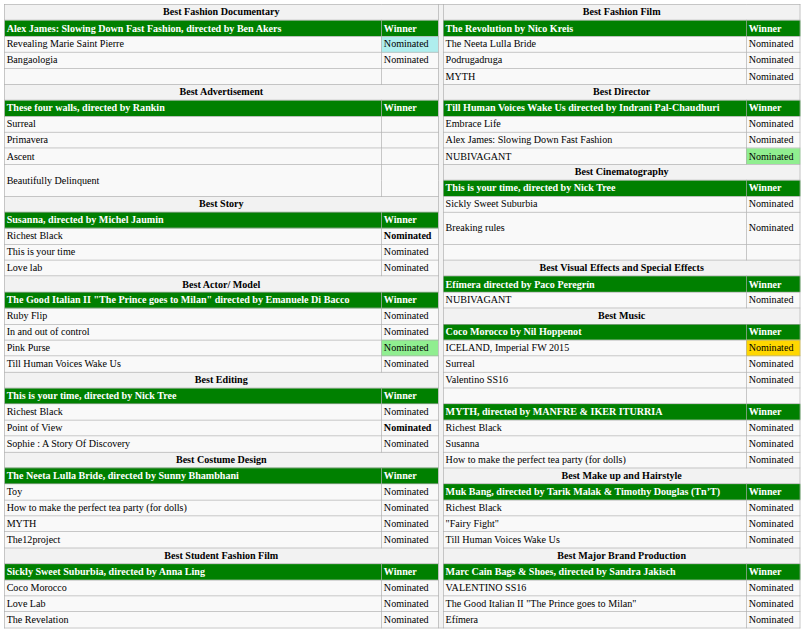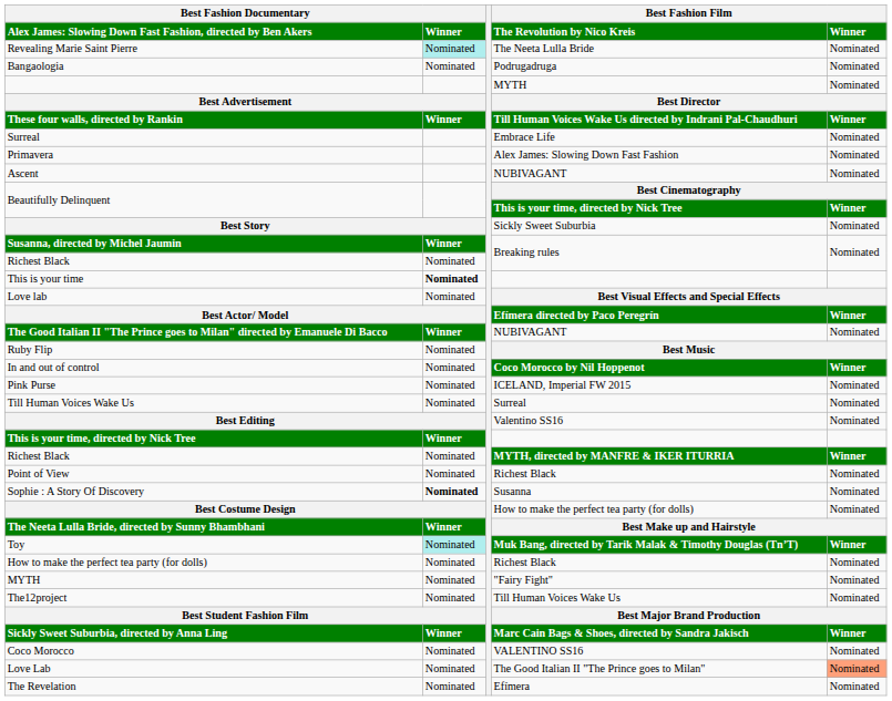 <table class="wikitable" style="width: 100%">
 <tr>
 <th colspan="2">Best Fashion Documentary</th>
 <th rowspan="39"></th>
 <th colspan="2">Best Fashion Film</th>
 </tr>
 <tr>
 <td style="background: green;color: white;"><strong>Alex James: Slowing Down  Fast Fashion, directed by Ben Akers</strong></td>
 <td style="background: green;color: white;"><strong>Winner</strong></td>
 <td style="background: green;color: white;"><strong>The Revolution by Nico Kreis</strong></td>
 <td style="background: green;color: white;"><strong>Winner</strong></td>
 </tr>
 <tr>
 <td>Revealing Marie Saint Pierre</td>
 <td style="background: paleturquoise;">Nominated</td>
 <td>The Neeta Lulla Bride</td>
 <td>Nominated</td>
 </tr>
 <tr>
 <td>Bangaologia</td>
 <td>Nominated</td>
 <td>Podrugadruga</td>
 <td>Nominated</td>
 </tr>
 <tr>
 <td></td>
 <td></td>
 <td>MYTH</td>
 <td>Nominated</td>
 </tr>
 <tr>
 <th colspan="2">Best Advertisement</th>
 <th colspan="2">Best Director</th>
 </tr>
 <tr>
 <td style="background: green;color: white;"><strong>These four walls, directed by Rankin</strong></td>
 <td style="background: green;color: white;"><strong>Winner</strong></td>
 <td style="background: green;color: white;"><strong>Till Human Voices Wake Us directed by Indrani Pal-Chaudhuri</strong></td>
 <td style="background: green;color: white;"><strong>Winner</strong></td>
 </tr>
 <tr>
 <td>Surreal</td>
 <td></td>
 <td>Embrace Life</td>
 <td>Nominated</td>
 </tr>
 <tr>
 <td>Primavera</td>
 <td></td>
 <td>Alex James: Slowing Down Fast Fashion</td>
 <td>Nominated</td>
 </tr>
 <tr>
 <td>Ascent</td>
 <td></td>
 <td>NUBIVAGANT</td>
-<td style="background: lightgreen;">Nominated</td>
+<td>Nominated</td>
 </tr>
 <tr>
 <td rowspan="2">Beautifully Delinquent</td>
 <td rowspan="2"></td>
 <th colspan="2">Best Cinematography</th>
 </tr>
 <tr>
 <td style="background: green;color: white;"><strong>This is your time, directed by Nick Tree</strong></td>
 <td style="background: green;color: white;"><strong>Winner</strong></td>
 </tr>
 <tr>
 <th colspan="2">Best Story</th>
 <td "color: white;">Sickly Sweet Suburbia</td>
 <td "color: white;">Nominated</td>
 </tr>
 <tr>
 <td style="background: green;color: white;"><strong>Susanna, directed by Michel Jaumin</strong></td>
 <td style="background: green;color: white;"><strong>Winner</strong></td>
 <td rowspan="2">Breaking rules</td>
 <td rowspan="2">Nominated</td>
 </tr>
 <tr>
 <td>Richest Black</td>
-<td><strong>Nominated</strong></td>
+<td>Nominated</td>
 </tr>
 <tr>
 <td>This is your time</td>
-<td>Nominated</td>
+<td><strong>Nominated</strong></td>
 <td></td>
 <td></td>
 </tr>
 <tr>
 <td>Love lab</td>
 <td>Nominated</td>
 <th colspan="2">Best Visual Effects and Special Effects</th>
 </tr>
 <tr>
 <th colspan="2">Best Actor/ Model</th>
 <td style="background: green;color: white;"><strong>Efímera directed by Paco Peregrín</strong></td>
 <td style="background: green;color: white;"><strong>Winner</strong></td>
 </tr>
 <tr>
 <td style="background: green;color: white;"><strong>The Good Italian II "The Prince goes to Milan" directed by Emanuele Di Bacco</strong></td>
 <td style="background: green;color: white;"><strong>Winner</strong></td>
 <td>NUBIVAGANT</td>
 <td>Nominated</td>
 </tr>
 <tr>
 <td>Ruby Flip</td>
 <td>Nominated</td>
 <th colspan="2">Best Music</th>
 </tr>
 <tr>
 <td>In and out of control</td>
 <td>Nominated</td>
 <td style="background: green;color: white;"><strong>Coco Morocco by Nil Hoppenot</strong></td>
 <td style="background: green;color: white;"><strong>Winner</strong></td>
 </tr>
 <tr>
 <td>Pink Purse</td>
-<td style="background: lightgreen;">Nominated</td>
+<td>Nominated</td>
 <td>ICELAND, Imperial FW 2015</td>
-<td style="background: gold;">Nominated</td>
+<td>Nominated</td>
 </tr>
 <tr>
 <td>Till Human Voices Wake Us</td>
 <td>Nominated</td>
 <td>Surreal</td>
 <td>Nominated</td>
 </tr>
 <tr>
 <th colspan="2">Best Editing</th>
 <td>Valentino SS16</td>
 <td>Nominated</td>
 </tr>
 <tr>
 <td style="background: green;color: white;"><strong>This is your time, directed by Nick Tree</strong></td>
 <td style="background: green;color: white;"><strong>Winner</strong></td>
 <td></td>
 <td></td>
 </tr>
 <tr>
 <td>Richest Black</td>
 <td>Nominated</td>
 <td style="background: green;color: white;"><strong>MYTH, directed by MANFRE & IKER ITURRIA</strong></td>
 <td style="background: green;color: white;"><strong>Winner</strong></td>
 </tr>
 <tr>
 <td>Point of View</td>
-<td><strong>Nominated</strong></td>
+<td>Nominated</td>
 <td>Richest Black</td>
 <td>Nominated</td>
 </tr>
 <tr>
 <td>Sophie : A Story Of Discovery</td>
-<td>Nominated</td>
+<td><strong>Nominated</strong></td>
 <td>Susanna</td>
 <td>Nominated</td>
 </tr>
 <tr>
 <th colspan="2">Best Costume Design</th>
 <td>How to make the perfect tea party (for dolls)</td>
 <td>Nominated</td>
 </tr>
 <tr>
 <td style="background: green;color: white;"><strong>The Neeta Lulla Bride, directed by Sunny Bhambhani</strong></td>
 <td style="background: green;color: white;"><strong>Winner</strong></td>
 <th colspan="2">Best Make up and Hairstyle</th>
 </tr>
 <tr>
 <td>Toy</td>
-<td>Nominated</td>
+<td style="background: paleturquoise;">Nominated</td>
 <td style="background: green;color: white;"><strong>Muk Bang, directed by Tarik Malak & Timothy Douglas (Tn’T)</strong></td>
 <td style="background: green;color: white;"><strong>Winner</strong></td>
 </tr>
 <tr>
 <td>How to make the perfect tea party (for dolls)</td>
 <td>Nominated</td>
 <td>Richest Black</td>
 <td>Nominated</td>
 </tr>
 <tr>
 <td>MYTH</td>
 <td>Nominated</td>
 <td>"Fairy Fight"</td>
 <td>Nominated</td>
 </tr>
 <tr>
 <td>The12project</td>
 <td>Nominated</td>
 <td>Till Human Voices Wake Us</td>
 <td>Nominated</td>
 </tr>
 <tr>
 <th colspan="2">Best Student Fashion Film</th>
 <th colspan="2">Best Major Brand Production</th>
 </tr>
 <tr>
 <td style="background: green;color: white;"><strong>Sickly Sweet Suburbia, directed by Anna Ling</strong></td>
 <td style="background: green;color: white;"><strong>Winner</strong></td>
 <td style="background: green;color: white;"><strong>Marc Cain Bags & Shoes, directed by Sandra Jakisch</strong></td>
 <td style="background: green;color: white;"><strong>Winner</strong></td>
 </tr>
 <tr>
 <td>Coco Morocco</td>
 <td>Nominated</td>
 <td>VALENTINO SS16</td>
 <td>Nominated</td>
 </tr>
 <tr>
 <td>Love Lab</td>
 <td>Nominated</td>
 <td>The Good Italian II "The Prince goes to Milan"</td>
-<td>Nominated</td>
+<td style="background: lightsalmon;">Nominated</td>
 </tr>
 <tr>
 <td>The Revelation</td>
 <td>Nominated</td>
 <td>Efímera</td>
 <td>Nominated</td>
 </tr>
 </table>
